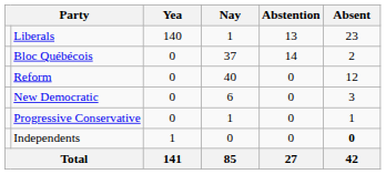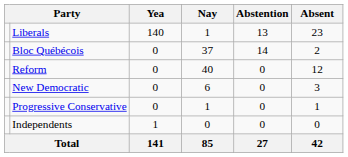 <table class="wikitable" align="center" style="text-align:center; font-size:90%">
 <tr>
 <th colspan="2">Party</th>
 <th width=60px>Yea</th>
 <th width=60px>Nay</th>
 <th width=60px>Abstention</th>
 <th width=60px>Absent</th>
 </tr>
 <tr>
 <td style="background:"></td>
 <td align="left"><a href='#'>Liberals</a></td>
 <td>140</td>
 <td>1</td>
 <td>13</td>
 <td>23</td>
 </tr>
 <tr>
 <td style="background:"></td>
 <td align="left"><a href='#'>Bloc Québécois</a></td>
 <td>0</td>
 <td>37</td>
 <td>14</td>
 <td>2</td>
 </tr>
 <tr>
 <td style="background:"></td>
 <td align="left"><a href='#'>Reform</a></td>
 <td>0</td>
 <td>40</td>
 <td>0</td>
 <td>12</td>
 </tr>
 <tr>
 <td style="background:"></td>
 <td align="left"><a href='#'>New Democratic</a></td>
 <td>0</td>
 <td>6</td>
 <td>0</td>
 <td>3</td>
 </tr>
 <tr>
 <td style="background:"></td>
 <td align="left"><a href='#'>Progressive Conservative</a></td>
 <td>0</td>
 <td>1</td>
 <td>0</td>
 <td>1</td>
 </tr>
 <tr>
 <td style="background:"></td>
 <td align="left">Independents</td>
 <td>1</td>
 <td>0</td>
 <td>0</td>
-<td><strong>0</strong></td>
+<td>0</td>
 </tr>
 <tr>
 <th colspan=2>Total</th>
 <th>141</th>
 <th>85</th>
 <th>27</th>
 <th>42</th>
 </tr>
 </table>
